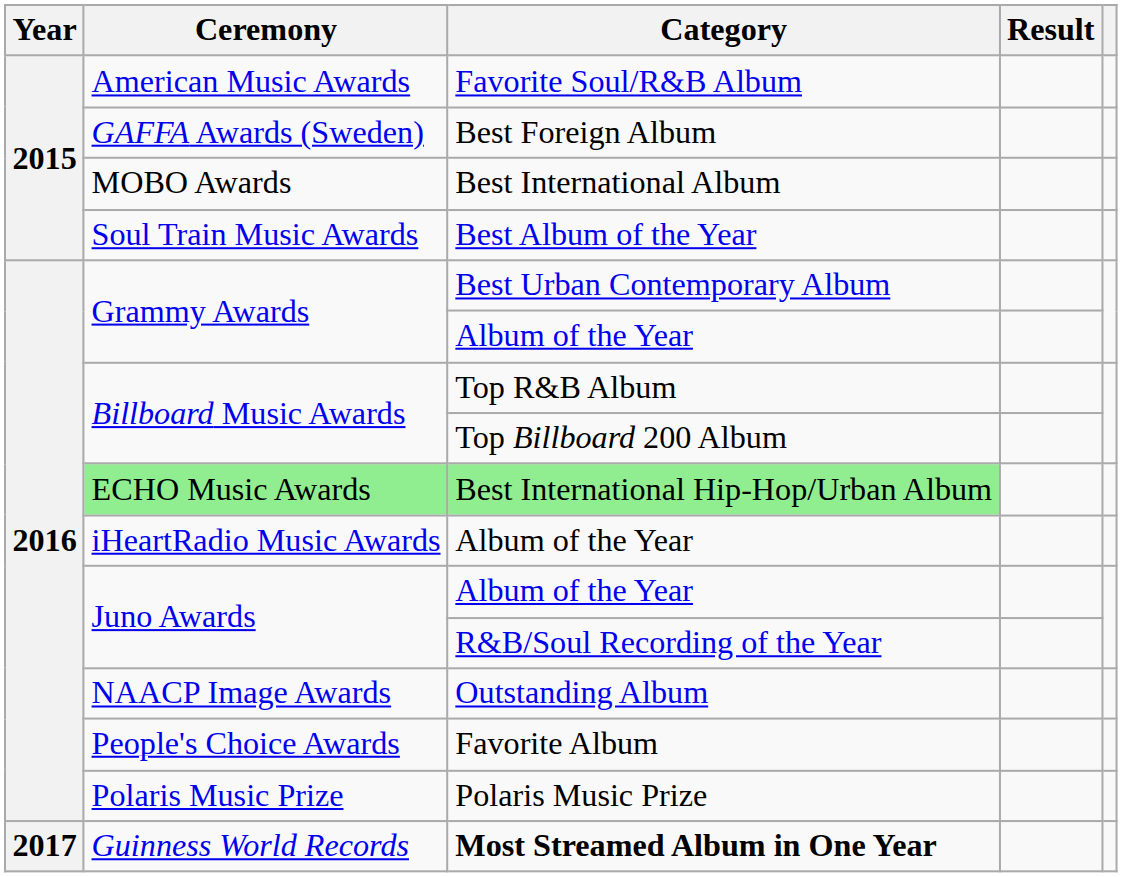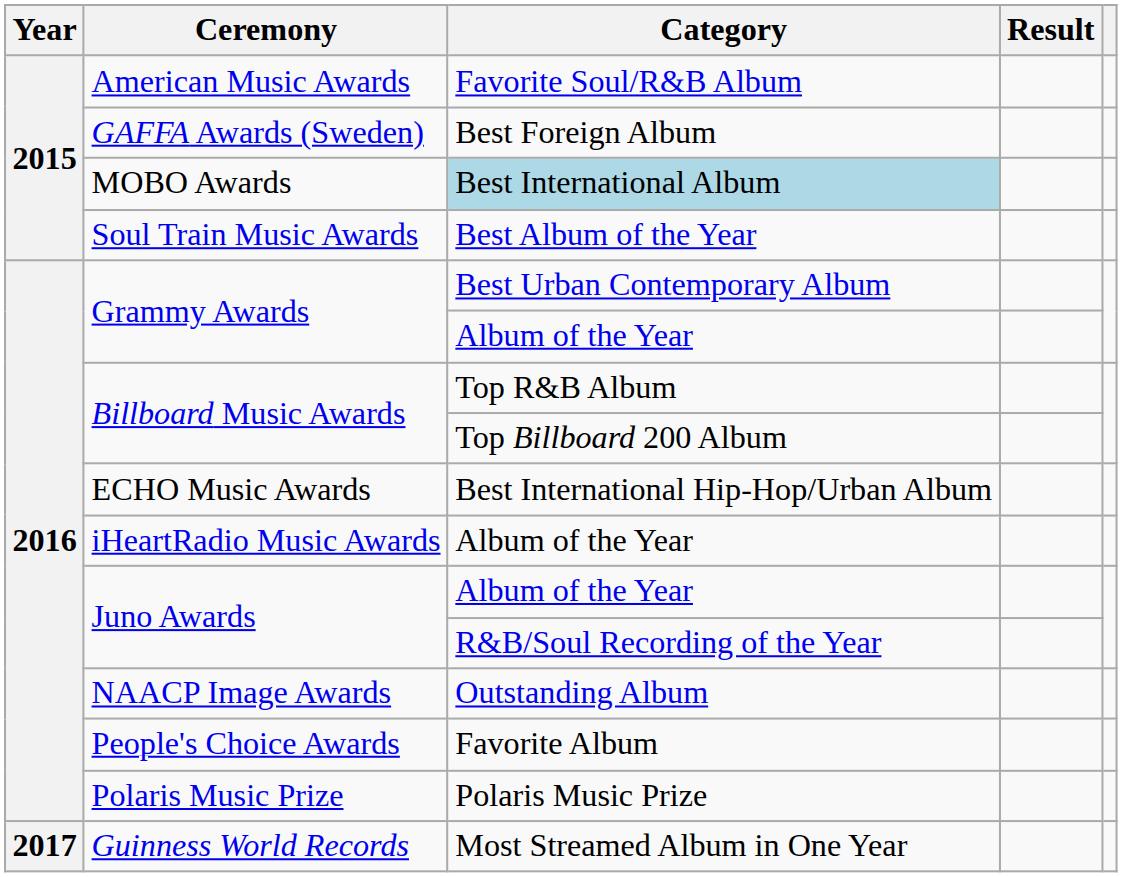 <table class="wikitable sortable plainrowheaders" style="border:none; margin:0;">
 <tr>
 <th scope="col">Year</th>
 <th scope="col">Ceremony</th>
 <th scope="col">Category</th>
 <th scope="col">Result</th>
 <th scope="col" class="unsortable"></th>
 </tr>
 <tr>
 <th scope="row" rowspan="4">2015</th>
 <td><a href='#'>American Music Awards</a></td>
 <td><a href='#'>Favorite Soul/R&B Album</a></td>
 <td></td>
 <td></td>
 </tr>
 <tr>
 <td><a href='#'><em>GAFFA</em> Awards (Sweden)</a></td>
 <td>Best Foreign Album</td>
 <td></td>
 <td></td>
 </tr>
 <tr>
 <td>MOBO Awards</td>
-<td>Best International Album</td>
+<td style="background: lightblue;">Best International Album</td>
 <td></td>
 <td></td>
 </tr>
 <tr>
 <td><a href='#'>Soul Train Music Awards</a></td>
 <td><a href='#'>Best Album of the Year</a></td>
 <td></td>
 <td></td>
 </tr>
 <tr>
 <th scope="row" rowspan="11">2016</th>
 <td rowspan="2"><a href='#'>Grammy Awards</a></td>
 <td><a href='#'>Best Urban Contemporary Album</a></td>
 <td></td>
 <td rowspan="2"></td>
 </tr>
 <tr>
 <td><a href='#'>Album of the Year</a></td>
 <td></td>
 </tr>
 <tr>
 <td rowspan="2"><a href='#'><em>Billboard</em> Music Awards</a></td>
 <td>Top R&B Album</td>
 <td></td>
 <td rowspan="2"></td>
 </tr>
 <tr>
 <td>Top <em>Billboard</em> 200 Album</td>
 <td></td>
 </tr>
 <tr>
-<td style="background: lightgreen;">ECHO Music Awards</td>
-<td style="background: lightgreen;">Best International Hip-Hop/Urban Album</td>
+<td>ECHO Music Awards</td>
+<td>Best International Hip-Hop/Urban Album</td>
 <td></td>
 <td></td>
 </tr>
 <tr>
 <td><a href='#'>iHeartRadio Music Awards</a></td>
 <td>Album of the Year</td>
 <td></td>
 <td></td>
 </tr>
 <tr>
 <td rowspan="2"><a href='#'>Juno Awards</a></td>
 <td><a href='#'>Album of the Year</a></td>
 <td></td>
 <td rowspan="2"></td>
 </tr>
 <tr>
 <td><a href='#'>R&B/Soul Recording of the Year</a></td>
 <td></td>
 </tr>
 <tr>
 <td><a href='#'>NAACP Image Awards</a></td>
 <td><a href='#'>Outstanding Album</a></td>
 <td></td>
 <td></td>
 </tr>
 <tr>
 <td><a href='#'>People's Choice Awards</a></td>
 <td>Favorite Album</td>
 <td></td>
 <td></td>
 </tr>
 <tr>
 <td><a href='#'>Polaris Music Prize</a></td>
 <td>Polaris Music Prize</td>
 <td></td>
 <td></td>
 </tr>
 <tr>
 <th scope="row">2017</th>
 <td><em><a href='#'>Guinness World Records</a></em></td>
-<td><strong>Most Streamed Album in One Year</strong></td>
+<td>Most Streamed Album in One Year</td>
 <td></td>
 <td></td>
 </tr>
 </table>
